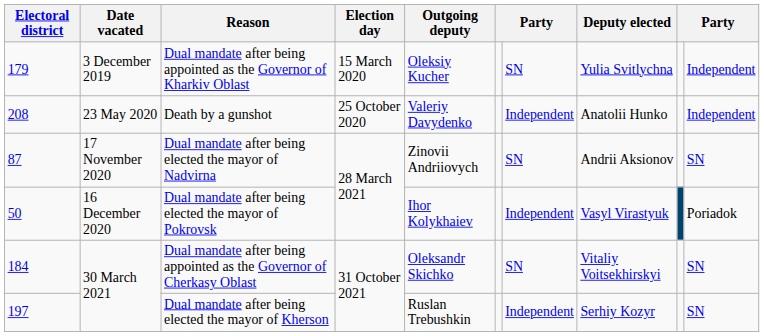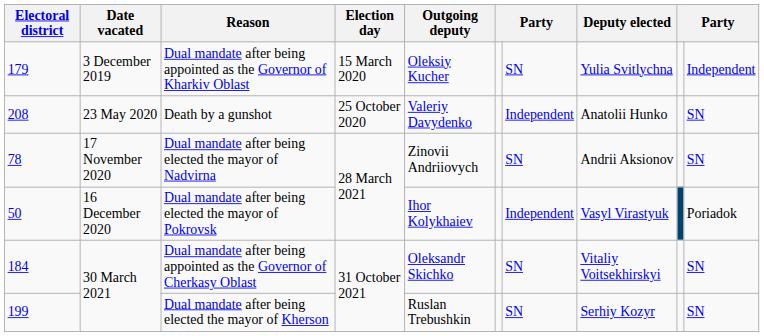 <table class="wikitable">
 <tr>
 <th><a href='#'>Electoral district</a></th>
 <th>Date vacated</th>
 <th>Reason</th>
 <th>Election day</th>
 <th>Outgoing deputy</th>
 <th colspan="2">Party</th>
 <th>Deputy elected</th>
 <th colspan="2">Party</th>
 </tr>
 <tr>
 <td><a href='#'>179</a></td>
 <td>3 December 2019</td>
 <td><a href='#'>Dual mandate</a> after being appointed as the <a href='#'>Governor of Kharkiv Oblast</a></td>
 <td>15 March 2020</td>
 <td><a href='#'>Oleksiy Kucher</a></td>
 <td style="background:"></td>
 <td><a href='#'>SN</a></td>
 <td><a href='#'>Yulia Svitlychna</a></td>
 <td style="background:"></td>
 <td><a href='#'>Independent</a></td>
 </tr>
 <tr>
 <td><a href='#'>208</a></td>
 <td>23 May 2020</td>
 <td>Death by a gunshot</td>
 <td>25 October 2020</td>
 <td><a href='#'>Valeriy Davydenko</a></td>
 <td style="background:"></td>
 <td><a href='#'>Independent</a></td>
 <td>Anatolii Hunko</td>
 <td style="background:"></td>
-<td><a href='#'>Independent</a></td>
+<td><a href='#'>SN</a></td>
 </tr>
 <tr>
-<td><a href='#'>87</a></td>
+<td><a href='#'>78</a></td>
 <td>17 November 2020</td>
 <td><a href='#'>Dual mandate</a> after being elected the mayor of <a href='#'>Nadvirna</a></td>
 <td rowspan="2">28 March 2021</td>
 <td>Zinovii Andriiovych</td>
 <td style="background:"></td>
 <td><a href='#'>SN</a></td>
 <td>Andrii Aksionov</td>
 <td style="background:"></td>
 <td><a href='#'>SN</a></td>
 </tr>
 <tr>
 <td><a href='#'>50</a></td>
 <td>16 December 2020</td>
 <td><a href='#'>Dual mandate</a> after being elected the mayor of <a href='#'>Pokrovsk</a></td>
 <td><a href='#'>Ihor Kolykhaiev</a></td>
 <td style="background:"></td>
 <td><a href='#'>Independent</a></td>
 <td><a href='#'>Vasyl Virastyuk</a></td>
 <td style="background:#00436F;"></td>
 <td>Poriadok</td>
 </tr>
 <tr>
 <td><a href='#'>184</a></td>
 <td rowspan="2">30 March 2021</td>
 <td><a href='#'>Dual mandate</a> after being appointed as the <a href='#'>Governor of Cherkasy Oblast</a></td>
 <td rowspan="2">31 October 2021</td>
 <td><a href='#'>Oleksandr Skichko</a></td>
 <td style="background:"></td>
 <td><a href='#'>SN</a></td>
 <td><a href='#'>Vitaliy Voitsekhirskyi</a></td>
 <td style="background:"></td>
 <td><a href='#'>SN</a></td>
 </tr>
 <tr>
-<td><a href='#'>197</a></td>
+<td><a href='#'>199</a></td>
 <td><a href='#'>Dual mandate</a> after being elected the mayor of <a href='#'>Kherson</a></td>
 <td>Ruslan Trebushkin</td>
 <td style="background:"></td>
-<td><a href='#'>Independent</a></td>
+<td><a href='#'>SN</a></td>
 <td><a href='#'>Serhiy Kozyr</a></td>
 <td style="background:"></td>
 <td><a href='#'>SN</a></td>
 </tr>
 </table>
